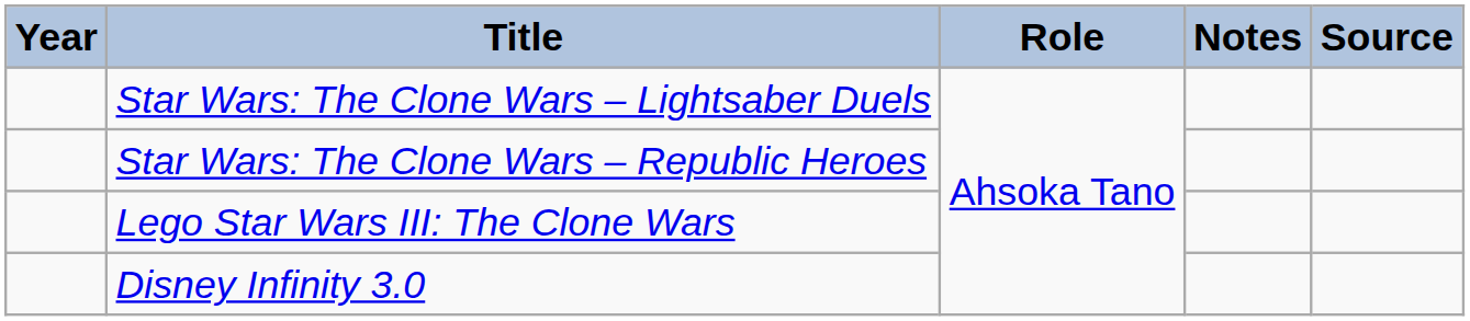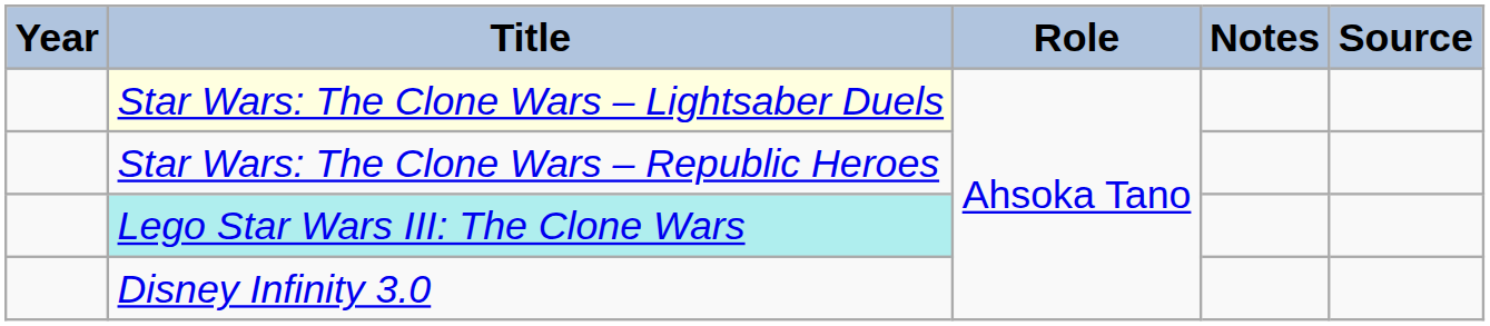 <table class="wikitable sortable plainrowheaders" style="width=95%; font-size: 95%;">
 <tr>
 <th style="background:#b0c4de;">Year </th>
 <th style="background:#b0c4de;">Title</th>
 <th style="background:#b0c4de;">Role </th>
 <th style="background:#b0c4de;" class="unsortable">Notes </th>
 <th style="background:#b0c4de;" class="unsortable">Source</th>
 </tr>
 <tr>
 <td></td>
-<td><em><a href='#'>Star Wars: The Clone Wars – Lightsaber Duels</a></em></td>
+<td style="background: lightyellow;"><em><a href='#'>Star Wars: The Clone Wars – Lightsaber Duels</a></em></td>
 <td rowspan="4"><a href='#'>Ahsoka Tano</a></td>
 <td> </td>
 <td></td>
 </tr>
 <tr>
 <td></td>
 <td><em><a href='#'>Star Wars: The Clone Wars – Republic Heroes</a></em></td>
 <td> </td>
 <td></td>
 </tr>
 <tr>
 <td></td>
-<td><em><a href='#'>Lego Star Wars III: The Clone Wars</a></em></td>
+<td style="background: paleturquoise;"><em><a href='#'>Lego Star Wars III: The Clone Wars</a></em></td>
 <td> </td>
 <td></td>
 </tr>
 <tr>
 <td></td>
 <td><em><a href='#'>Disney Infinity 3.0</a></em></td>
 <td> </td>
 <td></td>
 </tr>
 </table>
